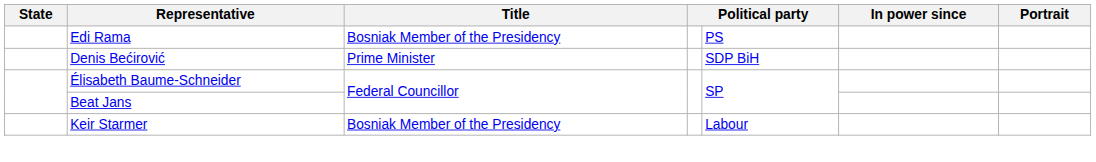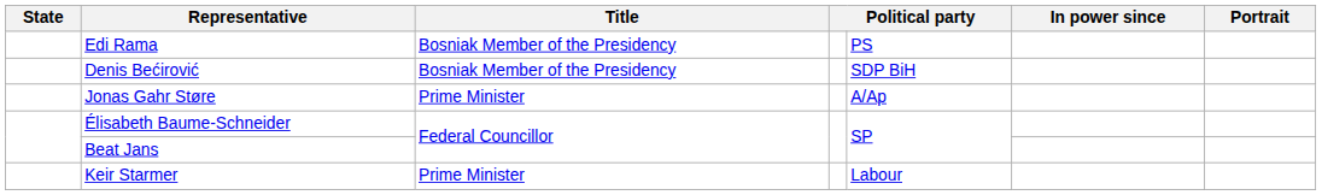 <table class="wikitable sortable"  style="background:white; width:100%;">
 <tr>
 <th align=left>State</th>
 <th align=left>Representative</th>
 <th align=left>Title</th>
 <th align=left colspan=2>Political party</th>
 <th align=left>In power since</th>
 <th class="unsortable" style="width:100px;">Portrait</th>
 </tr>
 <tr>
 <td></td>
 <td><a href='#'>Edi Rama</a></td>
 <td> <a href='#'>Bosniak Member of the Presidency</a></td>
 <td style="background-color:"></td>
 <td><a href='#'>PS</a></td>
 <td></td>
 <td></td>
 </tr>
 <tr>
 <td></td>
 <td><a href='#'>Denis Bećirović</a></td>
+<td> <a href='#'>Bosniak Member of the Presidency</a></td>
+<td style="background-color:"></td>
+<td><a href='#'>SDP BiH</a></td>
+<td></td>
+<td></td>
+</tr>
+<tr>
+<td></td>
+<td><a href='#'>Jonas Gahr Støre</a></td>
 <td> <a href='#'>Prime Minister</a></td>
 <td style="background-color:"></td>
-<td><a href='#'>SDP BiH</a></td>
+<td><a href='#'>A/Ap</a></td>
 <td></td>
 <td></td>
 </tr>
 <tr>
 <td rowspan=2></td>
 <td><a href='#'>Élisabeth Baume-Schneider</a></td>
 <td rowspan=2> <a href='#'>Federal Councillor</a></td>
 <td rowspan=2 style="background-color:"></td>
 <td rowspan=2><a href='#'>SP</a></td>
 <td></td>
 <td></td>
 </tr>
 <tr>
 <td><a href='#'>Beat Jans</a></td>
 <td></td>
 <td></td>
 </tr>
 <tr>
 <td></td>
 <td><a href='#'>Keir Starmer</a></td>
-<td> <a href='#'>Bosniak Member of the Presidency</a></td>
+<td> <a href='#'>Prime Minister</a></td>
 <td style="background-color:"></td>
 <td><a href='#'>Labour</a></td>
 <td></td>
 <td></td>
 </tr>
 </table>
